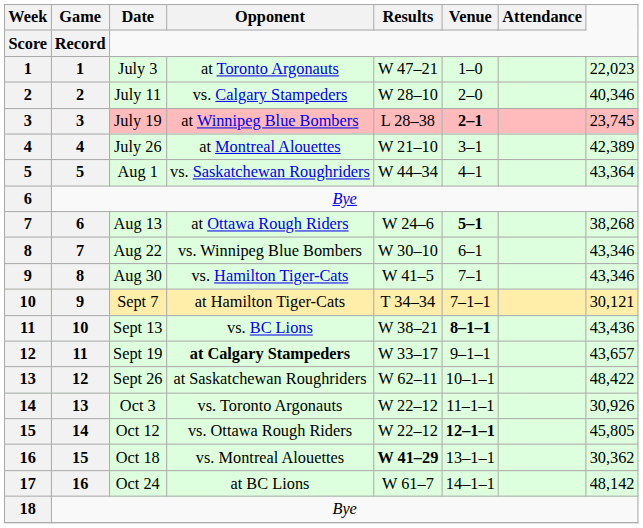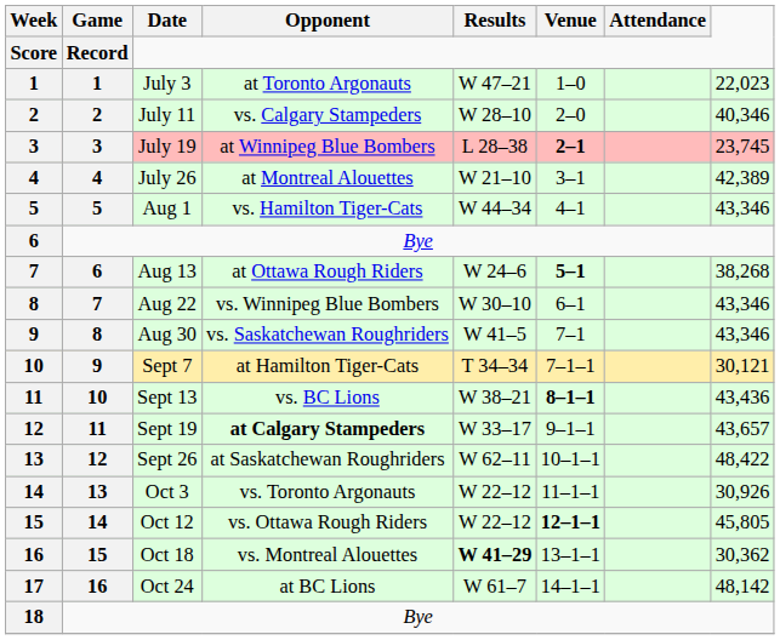 <table class="wikitable" style="text-align:center">
 <tr>
 <th>Week</th>
 <th>Game</th>
 <th>Date</th>
 <th>Opponent</th>
 <th>Results</th>
 <th>Venue</th>
 <th>Attendance</th>
 </tr>
 <tr>
 <th>Score</th>
 <th>Record</th>
 </tr>
 <tr style="background:#ddffdd">
 <th>1</th>
 <th>1</th>
 <td>July 3</td>
 <td>at <a href='#'>Toronto Argonauts</a></td>
 <td>W 47–21</td>
 <td>1–0</td>
 <td></td>
 <td>22,023</td>
 </tr>
 <tr style="background:#ddffdd">
 <th>2</th>
 <th>2</th>
 <td>July 11</td>
 <td>vs. <a href='#'>Calgary Stampeders</a></td>
 <td>W 28–10</td>
 <td>2–0</td>
 <td></td>
 <td>40,346</td>
 </tr>
 <tr style="background:#ffbbbb">
 <th>3</th>
 <th>3</th>
 <td>July 19</td>
 <td>at <a href='#'>Winnipeg Blue Bombers</a></td>
 <td>L 28–38</td>
 <td><strong>2–1</strong></td>
 <td></td>
 <td>23,745</td>
 </tr>
 <tr style="background:#ddffdd">
 <th>4</th>
 <th>4</th>
 <td>July 26</td>
 <td>at <a href='#'>Montreal Alouettes</a></td>
 <td>W 21–10</td>
 <td>3–1</td>
 <td></td>
 <td>42,389</td>
 </tr>
 <tr style="background:#ddffdd">
 <th>5</th>
 <th>5</th>
 <td>Aug 1</td>
-<td>vs. <a href='#'>Saskatchewan Roughriders</a></td>
+<td>vs. <a href='#'>Hamilton Tiger-Cats</a></td>
 <td>W 44–34</td>
 <td>4–1</td>
 <td></td>
-<td>43,364</td>
+<td>43,346</td>
 </tr>
 <tr>
 <th>6</th>
 <td colspan=7 align="center"><em><a href='#'>Bye</a></em></td>
 </tr>
 <tr style="background:#ddffdd">
 <th>7</th>
 <th>6</th>
 <td>Aug 13</td>
 <td>at <a href='#'>Ottawa Rough Riders</a></td>
 <td>W 24–6</td>
 <td><strong>5–1</strong></td>
 <td></td>
 <td>38,268</td>
 </tr>
 <tr style="background:#ddffdd">
 <th>8</th>
 <th>7</th>
 <td>Aug 22</td>
 <td>vs. Winnipeg Blue Bombers</td>
 <td>W 30–10</td>
 <td>6–1</td>
 <td></td>
 <td>43,346</td>
 </tr>
 <tr style="background:#ddffdd">
 <th>9</th>
 <th>8</th>
 <td>Aug 30</td>
-<td>vs. <a href='#'>Hamilton Tiger-Cats</a></td>
+<td>vs. <a href='#'>Saskatchewan Roughriders</a></td>
 <td>W 41–5</td>
 <td>7–1</td>
 <td></td>
 <td>43,346</td>
 </tr>
 <tr style="background:#ffeeaa">
 <th>10</th>
 <th>9</th>
 <td>Sept 7</td>
 <td>at Hamilton Tiger-Cats</td>
 <td>T 34–34</td>
 <td>7–1–1</td>
 <td></td>
 <td>30,121</td>
 </tr>
 <tr style="background:#ddffdd">
 <th>11</th>
 <th>10</th>
 <td>Sept 13</td>
 <td>vs. <a href='#'>BC Lions</a></td>
 <td>W 38–21</td>
 <td><strong>8–1–1</strong></td>
 <td></td>
 <td>43,436</td>
 </tr>
 <tr style="background:#ddffdd">
 <th>12</th>
 <th>11</th>
 <td>Sept 19</td>
 <td><strong>at Calgary Stampeders</strong></td>
 <td>W 33–17</td>
 <td>9–1–1</td>
 <td></td>
 <td>43,657</td>
 </tr>
 <tr style="background:#ddffdd">
 <th>13</th>
 <th>12</th>
 <td>Sept 26</td>
 <td>at Saskatchewan Roughriders</td>
 <td>W 62–11</td>
 <td>10–1–1</td>
 <td></td>
 <td>48,422</td>
 </tr>
 <tr style="background:#ddffdd">
 <th>14</th>
 <th>13</th>
 <td>Oct 3</td>
 <td>vs. Toronto Argonauts</td>
 <td>W 22–12</td>
 <td>11–1–1</td>
 <td></td>
 <td>30,926</td>
 </tr>
 <tr style="background:#ddffdd">
 <th>15</th>
 <th>14</th>
 <td>Oct 12</td>
 <td>vs. Ottawa Rough Riders</td>
 <td>W 22–12</td>
 <td><strong>12–1–1</strong></td>
 <td></td>
 <td>45,805</td>
 </tr>
 <tr style="background:#ddffdd">
 <th>16</th>
 <th>15</th>
 <td>Oct 18</td>
 <td>vs. Montreal Alouettes</td>
 <td><strong>W 41–29</strong></td>
 <td>13–1–1</td>
 <td></td>
 <td>30,362</td>
 </tr>
 <tr style="background:#ddffdd">
 <th>17</th>
 <th>16</th>
 <td>Oct 24</td>
 <td>at BC Lions</td>
 <td>W 61–7</td>
 <td>14–1–1</td>
 <td></td>
 <td>48,142</td>
 </tr>
 <tr>
 <th>18</th>
 <td colspan=7><em>Bye</em></td>
 </tr>
 <tr>
 </tr>
 </table>
